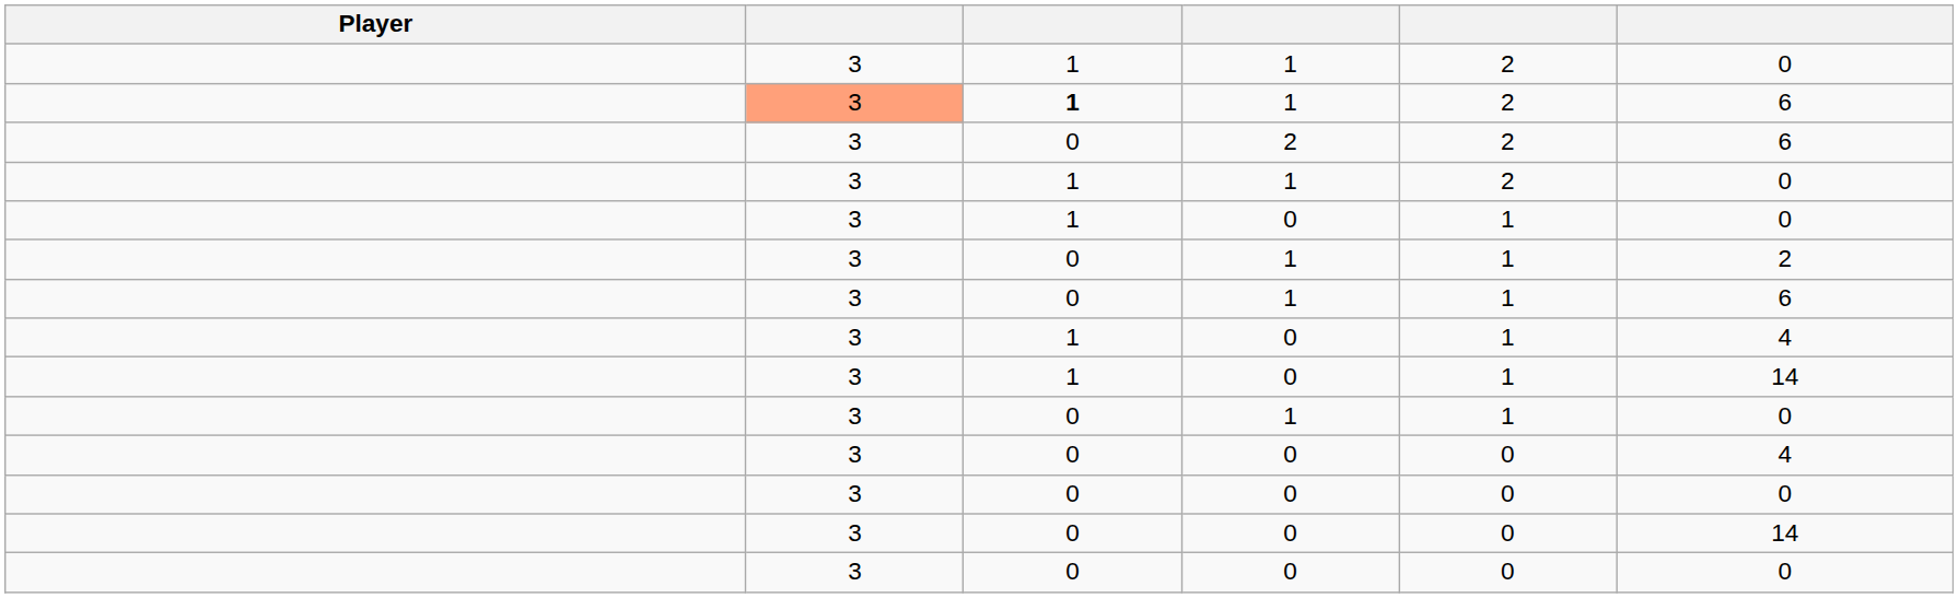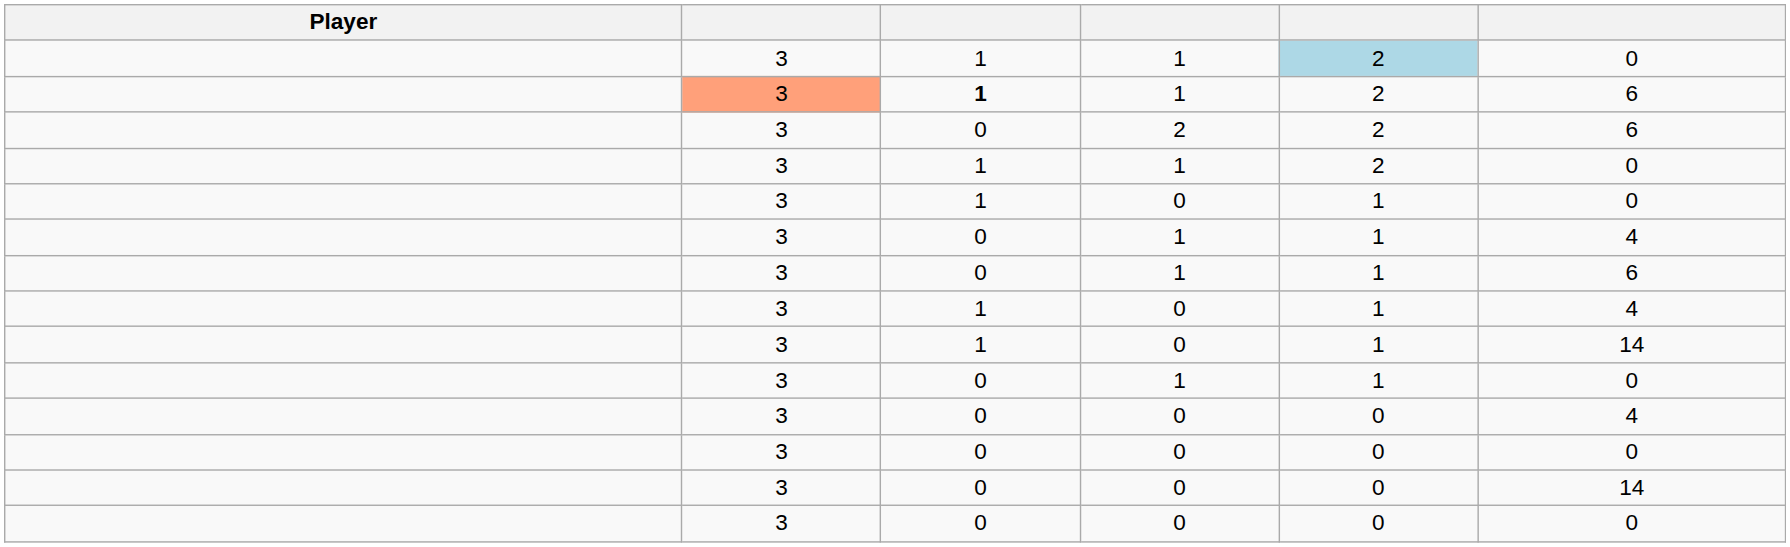 <table class="wikitable sortable" style="width:100%;">
 <tr align=center>
 <th>Player</th>
 <th></th>
 <th></th>
 <th></th>
 <th></th>
 <th></th>
 </tr>
 <tr align=center>
 <td></td>
 <td>3</td>
 <td>1</td>
 <td>1</td>
-<td>2</td>
+<td style="background: lightblue;">2</td>
 <td>0</td>
 </tr>
 <tr align=center>
 <td></td>
 <td style="background: lightsalmon;">3</td>
 <td><strong>1</strong></td>
 <td>1</td>
 <td>2</td>
 <td>6</td>
 </tr>
 <tr align=center>
 <td></td>
 <td>3</td>
 <td>0</td>
 <td>2</td>
 <td>2</td>
 <td>6</td>
 </tr>
 <tr align=center>
 <td></td>
 <td>3</td>
 <td>1</td>
 <td>1</td>
 <td>2</td>
 <td>0</td>
 </tr>
 <tr align=center>
 <td></td>
 <td>3</td>
 <td>1</td>
 <td>0</td>
 <td>1</td>
 <td>0</td>
 </tr>
 <tr align=center>
 <td></td>
 <td>3</td>
 <td>0</td>
 <td>1</td>
 <td>1</td>
-<td>2</td>
+<td>4</td>
 </tr>
 <tr align=center>
 <td></td>
 <td>3</td>
 <td>0</td>
 <td>1</td>
 <td>1</td>
 <td>6</td>
 </tr>
 <tr align=center>
 <td></td>
 <td>3</td>
 <td>1</td>
 <td>0</td>
 <td>1</td>
 <td>4</td>
 </tr>
 <tr align=center>
 <td></td>
 <td>3</td>
 <td>1</td>
 <td>0</td>
 <td>1</td>
 <td>14</td>
 </tr>
 <tr align=center>
 <td></td>
 <td>3</td>
 <td>0</td>
 <td>1</td>
 <td>1</td>
 <td>0</td>
 </tr>
 <tr align=center>
 <td></td>
 <td>3</td>
 <td>0</td>
 <td>0</td>
 <td>0</td>
 <td>4</td>
 </tr>
 <tr align=center>
 <td></td>
 <td>3</td>
 <td>0</td>
 <td>0</td>
 <td>0</td>
 <td>0</td>
 </tr>
 <tr align=center>
 <td></td>
 <td>3</td>
 <td>0</td>
 <td>0</td>
 <td>0</td>
 <td>14</td>
 </tr>
 <tr align=center>
 <td></td>
 <td>3</td>
 <td>0</td>
 <td>0</td>
 <td>0</td>
 <td>0</td>
 </tr>
 </table>
